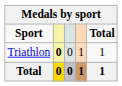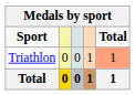 <table class="wikitable" style="font-size:85%; float:right">
 <tr style="background:#efefef;">
 <th colspan=7><strong>Medals by sport</strong></th>
 </tr>
 <tr align=center>
 <td><strong>Sport</strong></td>
 <td style="background:#f7f6a8;"></td>
 <td style="background:#dce5e5;"></td>
 <td style="background:#ffdab9;"></td>
 <td><strong>Total</strong></td>
 </tr>
 <tr align=center>
 <td><a href='#'>Triathlon</a></td>
-<td style="background:#f7f6a8;"><strong>0</strong></td>
+<td style="background:#f7f6a8;">0</td>
 <td style="background:#dce5e5;">0</td>
 <td style="background:#ffdab9;">1</td>
-<td>1</td>
+<td style="background: lightsalmon;">1</td>
 </tr>
 <tr align=center>
 <th><strong>Total</strong></th>
 <th style="background:gold;"><strong>0</strong></th>
 <th style="background:silver;"><strong>0</strong></th>
 <th style="background:#c96;"><strong>1</strong></th>
 <th><strong>1</strong></th>
 </tr>
 </table>
